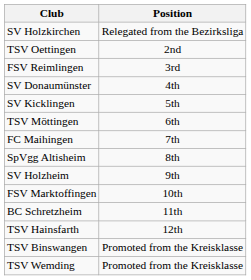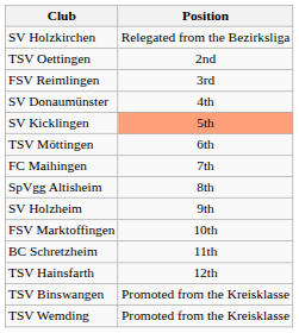 <table class="wikitable sortable" style="text-align:center">
 <tr>
 <th>Club</th>
 <th>Position</th>
 </tr>
 <tr>
 <td style="text-align:left;">SV Holzkirchen</td>
 <td>Relegated from the Bezirksliga</td>
 </tr>
 <tr>
 <td style="text-align:left;">TSV Oettingen</td>
 <td>2nd</td>
 </tr>
 <tr>
 <td style="text-align:left;">FSV Reimlingen</td>
 <td>3rd</td>
 </tr>
 <tr>
 <td style="text-align:left;">SV Donaumünster</td>
 <td>4th</td>
 </tr>
 <tr>
 <td style="text-align:left;">SV Kicklingen</td>
-<td>5th</td>
+<td style="background: lightsalmon;">5th</td>
 </tr>
 <tr>
 <td style="text-align:left;">TSV Möttingen</td>
 <td>6th</td>
 </tr>
 <tr>
 <td style="text-align:left;">FC Maihingen</td>
 <td>7th</td>
 </tr>
 <tr>
 <td style="text-align:left;">SpVgg Altisheim</td>
 <td>8th</td>
 </tr>
 <tr>
 <td style="text-align:left;">SV Holzheim</td>
 <td>9th</td>
 </tr>
 <tr>
 <td style="text-align:left;">FSV Marktoffingen</td>
 <td>10th</td>
 </tr>
 <tr>
 <td style="text-align:left;">BC Schretzheim</td>
 <td>11th</td>
 </tr>
 <tr>
 <td style="text-align:left;">TSV Hainsfarth</td>
 <td>12th</td>
 </tr>
 <tr>
 <td style="text-align:left;">TSV Binswangen</td>
 <td>Promoted from the Kreisklasse</td>
 </tr>
 <tr>
 <td style="text-align:left;">TSV Wemding</td>
 <td>Promoted from the Kreisklasse</td>
 </tr>
 </table>
